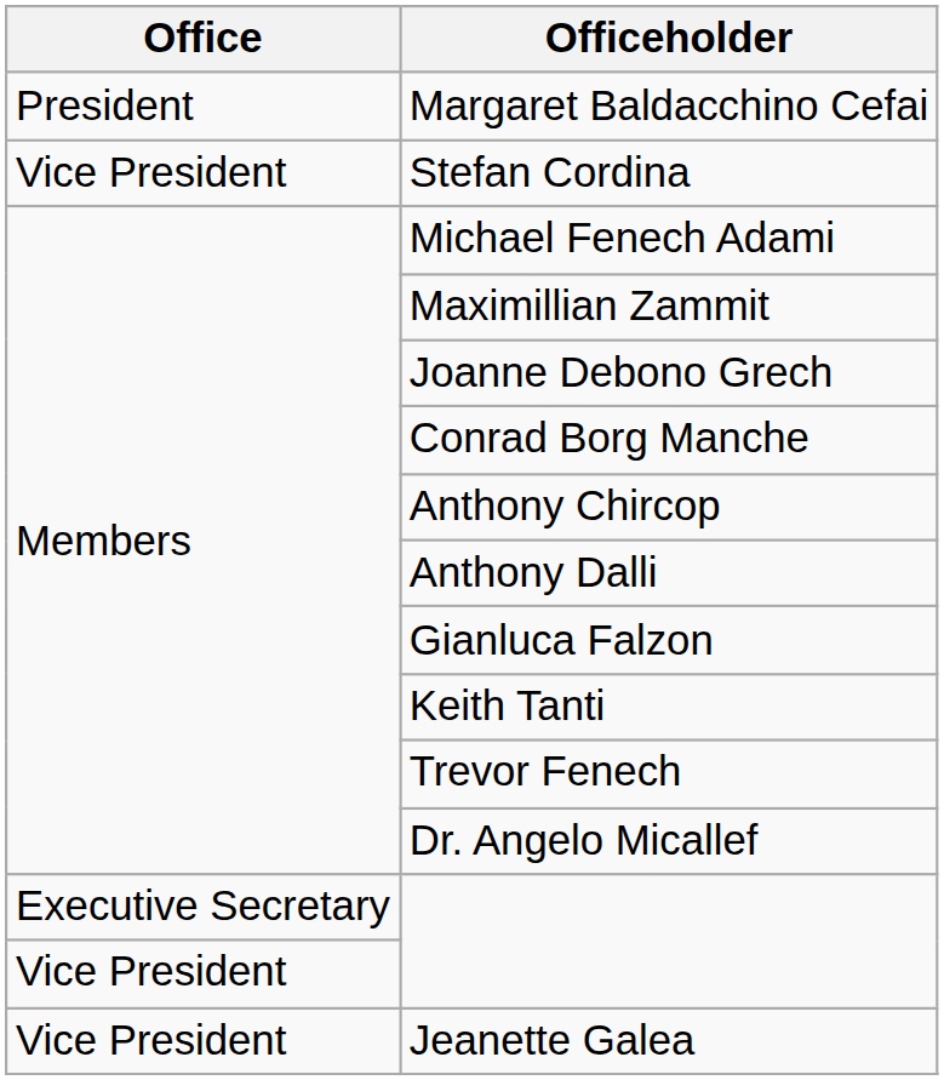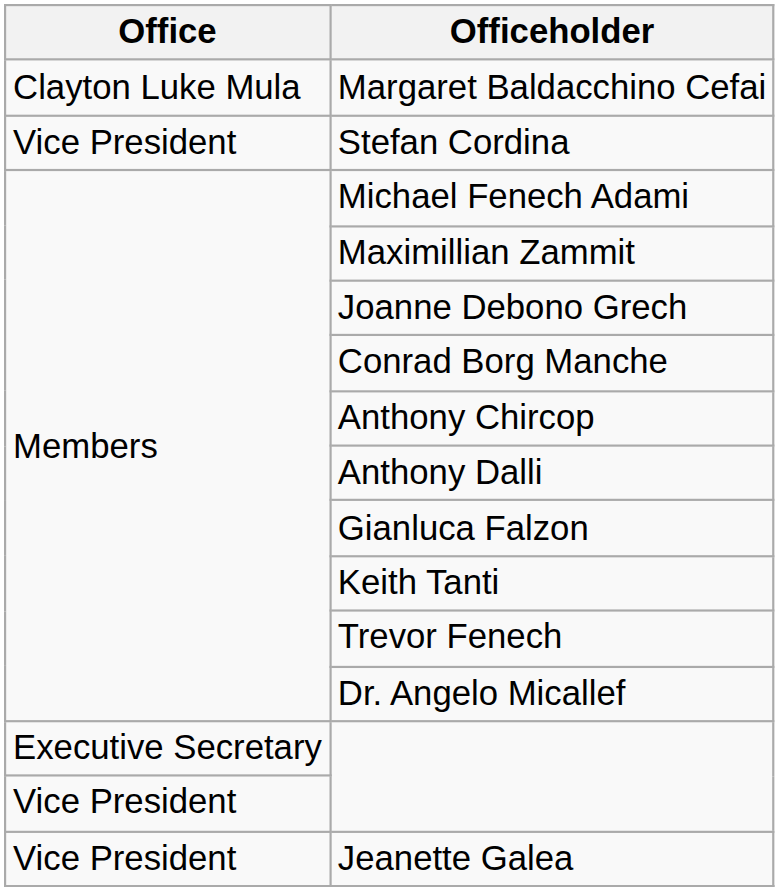 <table class="wikitable">
 <tr>
 <th>Office</th>
 <th>Officeholder</th>
 </tr>
 <tr>
-<td rowspan="1">President</td>
+<td>Clayton Luke Mula</td>
 <td>Margaret Baldacchino Cefai</td>
 </tr>
 <tr>
 <td rowspan="1">Vice President</td>
 <td>Stefan Cordina</td>
 </tr>
 <tr>
 <td rowspan="10">Members</td>
 <td>Michael Fenech Adami</td>
 </tr>
 <tr>
 <td>Maximillian Zammit</td>
 </tr>
 <tr>
 <td>Joanne Debono Grech</td>
 </tr>
 <tr>
 <td>Conrad Borg Manche</td>
 </tr>
 <tr>
 <td>Anthony Chircop</td>
 </tr>
 <tr>
 <td>Anthony Dalli</td>
 </tr>
 <tr>
 <td>Gianluca Falzon</td>
 </tr>
 <tr>
 <td>Keith Tanti</td>
 </tr>
 <tr>
 <td>Trevor Fenech</td>
 </tr>
 <tr>
 <td>Dr. Angelo Micallef</td>
 </tr>
 <tr>
 <td rowspan="1">Executive Secretary</td>
 </tr>
 <tr>
 <td rowspan="1">Vice President</td>
 </tr>
 <tr>
 <td rowspan="1">Vice President</td>
 <td>Jeanette Galea</td>
 </tr>
 <tr>
 </tr>
 </table>
